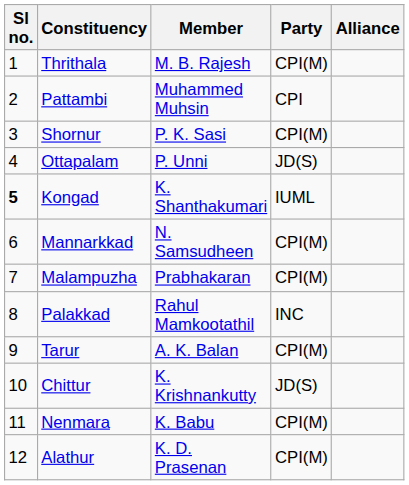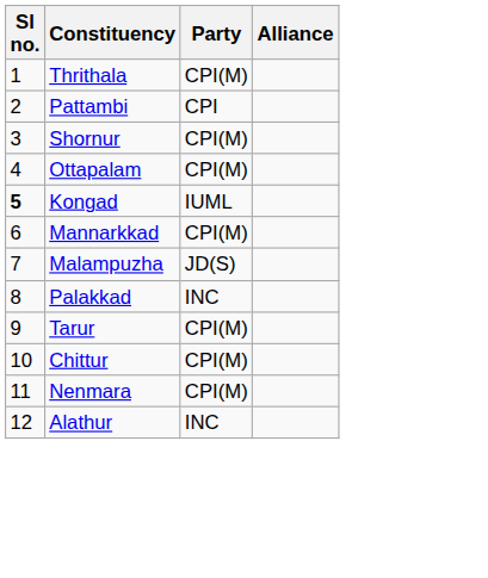 <table class="wikitable sortable" style="font-size: 95%">
 <tr>
 <th width="20px">Sl no.</th>
 <th width="75px">Constituency</th>
-<th width="85px">Member</th>
 <th width="35px">Party</th>
 <th width="35px">Alliance</th>
 </tr>
 <tr>
 <td>1</td>
 <td><a href='#'>Thrithala</a></td>
-<td><a href='#'>M. B. Rajesh</a></td>
 <td style="background-color:">CPI(M)</td>
 <td></td>
 </tr>
 <tr>
 <td>2</td>
 <td><a href='#'>Pattambi</a></td>
-<td><a href='#'>Muhammed Muhsin</a></td>
 <td style="background:">CPI</td>
 <td></td>
 </tr>
 <tr>
 <td>3</td>
 <td><a href='#'>Shornur</a></td>
-<td><a href='#'>P. K. Sasi</a></td>
 <td style="background:">CPI(M)</td>
 <td></td>
 </tr>
 <tr>
 <td>4</td>
 <td><a href='#'>Ottapalam</a></td>
-<td><a href='#'>P. Unni</a></td>
-<td style="background:">JD(S)</td>
+<td style="background:">CPI(M)</td>
 <td></td>
 </tr>
 <tr>
 <td><strong>5</strong></td>
 <td><a href='#'>Kongad</a></td>
-<td><a href='#'>K. Shanthakumari</a></td>
 <td style="background-color:">IUML</td>
 <td></td>
 </tr>
 <tr>
 <td>6</td>
 <td><a href='#'>Mannarkkad</a></td>
-<td><a href='#'>N. Samsudheen</a></td>
 <td style="background:">CPI(M)</td>
 <td></td>
 </tr>
 <tr>
 <td>7</td>
 <td><a href='#'>Malampuzha</a></td>
-<td><a href='#'>Prabhakaran</a></td>
-<td style="background:">CPI(M)</td>
+<td style="background:">JD(S)</td>
 <td></td>
 </tr>
 <tr>
 <td>8</td>
 <td><a href='#'>Palakkad</a></td>
-<td><a href='#'>Rahul Mamkootathil</a></td>
 <td style="background-color:">INC</td>
 <td></td>
 </tr>
 <tr>
 <td>9</td>
 <td><a href='#'>Tarur</a></td>
-<td><a href='#'>A. K. Balan</a></td>
 <td style="background:">CPI(M)</td>
 <td></td>
 </tr>
 <tr>
 <td>10</td>
 <td><a href='#'>Chittur</a></td>
-<td><a href='#'>K. Krishnankutty</a></td>
-<td style="background:">JD(S)</td>
+<td style="background:">CPI(M)</td>
 <td></td>
 </tr>
 <tr>
 <td>11</td>
 <td><a href='#'>Nenmara</a></td>
-<td><a href='#'>K. Babu</a></td>
 <td style="background:">CPI(M)</td>
 <td></td>
 </tr>
 <tr>
 <td>12</td>
 <td><a href='#'>Alathur</a></td>
-<td><a href='#'>K. D. Prasenan</a></td>
-<td style="background:">CPI(M)</td>
+<td style="background-color:">INC</td>
 <td></td>
 </tr>
 </table>
